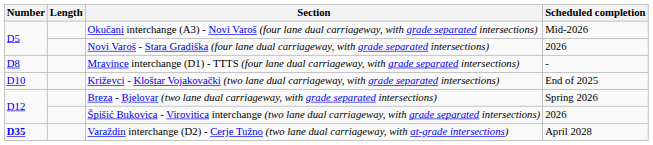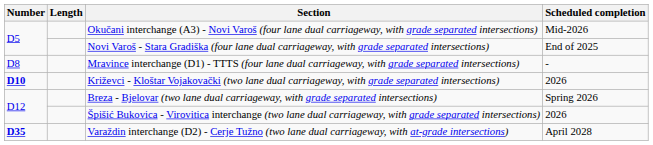 <table class="wikitable">
 <tr>
 <th>Number</th>
 <th>Length</th>
 <th>Section</th>
 <th>Scheduled completion</th>
 </tr>
 <tr>
 <td rowspan="2"> <a href='#'>D5</a></td>
 <td></td>
 <td><a href='#'>Okučani</a> interchange (A3) - <a href='#'>Novi Varoš</a> <em>(four lane dual carriageway, with <a href='#'>grade separated</a> intersections)</em></td>
 <td>Mid-2026</td>
 </tr>
 <tr>
 <td></td>
 <td><a href='#'>Novi Varoš</a> - <a href='#'>Stara Gradiška</a> <em>(four lane dual carriageway, with <a href='#'>grade separated</a> intersections)</em></td>
-<td>2026</td>
+<td>End of 2025</td>
 </tr>
 <tr>
 <td style="white-space: nowrap"> <a href='#'>D8</a></td>
 <td></td>
 <td><a href='#'>Mravince</a> interchange (D1) - TTTS <em>(four lane dual carriageway, with <a href='#'>grade separated</a> intersections)</em></td>
 <td>-</td>
 </tr>
 <tr>
-<td style="white-space: nowrap"> <a href='#'>D10</a></td>
+<td style="white-space: nowrap"><strong> <a href='#'>D10</a></strong></td>
 <td></td>
 <td><a href='#'>Križevci</a> - <a href='#'>Kloštar Vojakovački</a> <em>(two lane dual carriageway, with <a href='#'>grade separated</a> intersections)</em></td>
-<td>End of 2025</td>
+<td>2026</td>
 </tr>
 <tr>
 <td rowspan="2"> <a href='#'>D12</a></td>
 <td></td>
 <td><a href='#'>Breza</a> - <a href='#'>Bjelovar</a> <em>(two lane dual carriageway, with <a href='#'>grade separated</a> intersections)</em></td>
 <td>Spring 2026</td>
 </tr>
 <tr>
 <td></td>
 <td><a href='#'>Špišić Bukovica</a> - <a href='#'>Virovitica</a> interchange <em>(two lane dual carriageway, with <a href='#'>grade separated</a> intersections)</em></td>
 <td>2026</td>
 </tr>
 <tr>
 <td style="white-space: nowrap"><strong> <a href='#'>D35</a></strong></td>
 <td></td>
 <td><a href='#'>Varaždin</a> interchange (D2) - <a href='#'>Cerje Tužno</a> <em>(two lane dual carriageway, with <a href='#'>at-grade intersections</a>)</em></td>
 <td>April 2028</td>
 </tr>
 </table>
